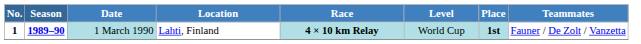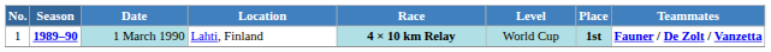 <table class="wikitable sortable" style="font-size:95%; text-align:center; border:grey solid 1px; border-collapse:collapse; background:#ffffff;">
 <tr style="background:#efefef;">
 <th style="background-color:#369; color:white;">No.</th>
 <th style="background-color:#369; color:white;">Season</th>
 <th style="background-color:#4180be; color:white; width:120px;">Date</th>
 <th style="background-color:#4180be; color:white; width:170px;">Location</th>
 <th style="background-color:#4180be; color:white; width:170px;">Race</th>
 <th style="background-color:#4180be; color:white; width:100px;">Level</th>
 <th style="background-color:#4180be; color:white;">Place</th>
 <th style="background-color:#4180be; color:white;">Teammates</th>
 </tr>
 <tr>
-<td align=center><strong>1</strong></td>
+<td align=center>1</td>
 <td rowspan=1 align=center><strong><a href='#'>1989–90</a></strong></td>
 <td bgcolor="#BOEOE6" align=right>1 March 1990</td>
 <td align=left> <a href='#'>Lahti</a>, Finland</td>
 <td bgcolor="#BOEOE6"><strong>4 × 10 km Relay</strong></td>
 <td bgcolor="#BOEOE6">World Cup</td>
 <td bgcolor="#BOEOE6"><strong>1st</strong></td>
-<td><a href='#'>Fauner</a> / <a href='#'>De Zolt</a> / <a href='#'>Vanzetta</a></td>
+<td><strong><a href='#'>Fauner</a> / <a href='#'>De Zolt</a> / <a href='#'>Vanzetta</a></strong></td>
 </tr>
 <tr>
 </tr>
 </table>
